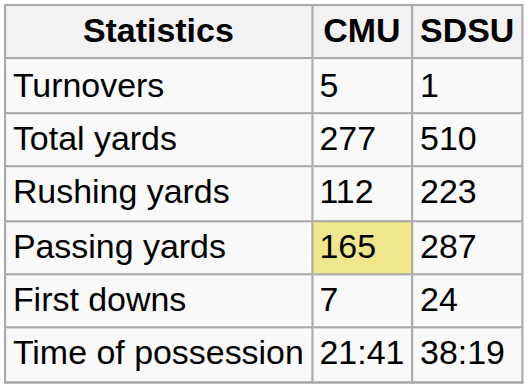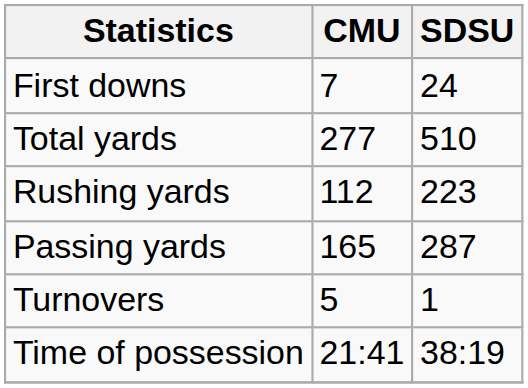 <table class="wikitable">
 <tr>
 <th>Statistics</th>
 <th>CMU</th>
 <th>SDSU</th>
 </tr>
 <tr>
-<td>Turnovers</td>
-<td>5</td>
-<td>1</td>
+<td>First downs</td>
+<td>7</td>
+<td>24</td>
 </tr>
 <tr>
 <td>Total yards</td>
 <td>277</td>
 <td>510</td>
 </tr>
 <tr>
 <td>Rushing yards</td>
 <td>112</td>
 <td>223</td>
 </tr>
 <tr>
 <td>Passing yards</td>
-<td style="background: khaki;">165</td>
+<td>165</td>
 <td>287</td>
 </tr>
 <tr>
-<td>First downs</td>
-<td>7</td>
-<td>24</td>
+<td>Turnovers</td>
+<td>5</td>
+<td>1</td>
 </tr>
 <tr>
 <td>Time of possession</td>
 <td>21:41</td>
 <td>38:19</td>
 </tr>
 <tr>
 </tr>
 </table>
